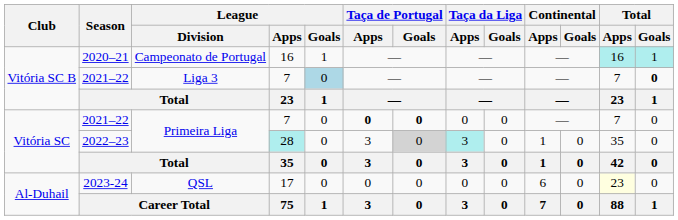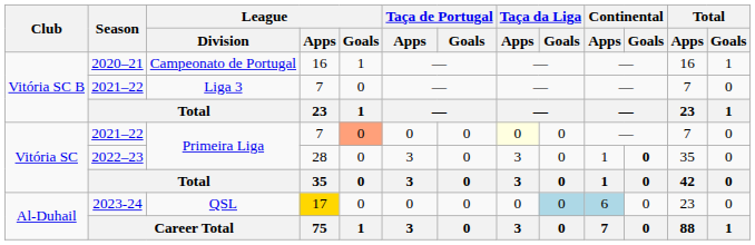 <table class="wikitable" style="text-align: center">
 <tr>
 <th rowspan="2">Club</th>
 <th rowspan="2">Season</th>
 <th colspan="3">League</th>
 <th colspan="2"><a href='#'>Taça de Portugal</a></th>
 <th colspan="2"><a href='#'>Taça da Liga</a></th>
 <th colspan="2">Continental</th>
 <th colspan="2">Total</th>
 </tr>
 <tr>
 <th>Division</th>
 <th>Apps</th>
 <th>Goals</th>
 <th>Apps</th>
 <th>Goals</th>
 <th>Apps</th>
 <th>Goals</th>
 <th>Apps</th>
 <th>Goals</th>
 <th>Apps</th>
 <th>Goals</th>
 </tr>
 <tr>
 <td rowspan="3"><a href='#'>Vitória SC B</a></td>
 <td><a href='#'>2020–21</a></td>
 <td><a href='#'>Campeonato de Portugal</a></td>
 <td>16</td>
 <td>1</td>
 <td colspan="2">—</td>
 <td colspan="2">—</td>
 <td colspan="2">—</td>
-<td style="background: paleturquoise;">16</td>
-<td style="background: paleturquoise;">1</td>
+<td>16</td>
+<td>1</td>
 </tr>
 <tr>
 <td><a href='#'>2021–22</a></td>
 <td><a href='#'>Liga 3</a></td>
 <td>7</td>
-<td style="background: lightblue;">0</td>
+<td>0</td>
 <td colspan="2">—</td>
 <td colspan="2">—</td>
 <td colspan="2">—</td>
 <td>7</td>
-<td><strong>0</strong></td>
+<td>0</td>
 </tr>
 <tr>
 <th colspan="2">Total</th>
 <th>23</th>
 <th>1</th>
 <th colspan="2">—</th>
 <th colspan="2">—</th>
 <th colspan="2">—</th>
 <th>23</th>
 <th>1</th>
 </tr>
 <tr>
 <td rowspan="3"><a href='#'>Vitória SC</a></td>
 <td><a href='#'>2021–22</a></td>
 <td rowspan="2"><a href='#'>Primeira Liga</a></td>
 <td>7</td>
+<td style="background: lightsalmon;">0</td>
 <td>0</td>
-<td><strong>0</strong></td>
-<td><strong>0</strong></td>
 <td>0</td>
+<td style="background: lightyellow;">0</td>
 <td>0</td>
 <td colspan="2">—</td>
 <td>7</td>
 <td>0</td>
 </tr>
 <tr>
 <td><a href='#'>2022–23</a></td>
-<td style="background: paleturquoise;">28</td>
+<td>28</td>
 <td>0</td>
 <td>3</td>
-<td style="background: lightgrey;">0</td>
-<td style="background: paleturquoise;">3</td>
+<td>0</td>
+<td>3</td>
 <td>0</td>
 <td>1</td>
-<td>0</td>
+<td><strong>0</strong></td>
 <td>35</td>
 <td>0</td>
 </tr>
 <tr>
 <th colspan="2">Total</th>
 <th>35</th>
 <th>0</th>
 <th>3</th>
 <th>0</th>
 <th>3</th>
 <th>0</th>
 <th>1</th>
 <th>0</th>
 <th>42</th>
 <th>0</th>
 </tr>
 <tr>
 <td rowspan="3"><a href='#'>Al-Duhail</a></td>
 <td><a href='#'>2023-24</a></td>
 <td><a href='#'>QSL</a></td>
-<td>17</td>
+<td style="background: gold;">17</td>
 <td>0</td>
 <td>0</td>
 <td>0</td>
 <td>0</td>
+<td style="background: lightblue;">0</td>
+<td style="background: lightblue;">6</td>
 <td>0</td>
-<td>6</td>
-<td>0</td>
-<td style="background: lightyellow;">23</td>
+<td>23</td>
 <td>0</td>
 </tr>
 <tr>
 <th colspan="2">Career Total</th>
 <th>75</th>
 <th>1</th>
 <th>3</th>
 <th>0</th>
 <th>3</th>
 <th>0</th>
 <th>7</th>
 <th>0</th>
 <th>88</th>
 <th>1</th>
 </tr>
 </table>
